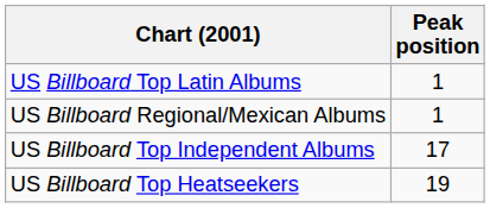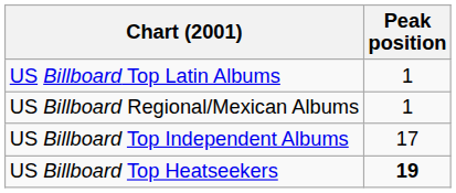 <table class="wikitable">
 <tr>
 <th align="left">Chart (2001)</th>
 <th align="left">Peak<br>position</th>
 </tr>
 <tr>
 <td align="left"><a href='#'>US</a> <a href='#'><em>Billboard</em> Top Latin Albums</a></td>
 <td align="center">1</td>
 </tr>
 <tr>
 <td align="left">US <em>Billboard</em> Regional/Mexican Albums</td>
 <td align="center">1</td>
 </tr>
 <tr>
 <td align="left">US <em>Billboard</em> <a href='#'>Top Independent Albums</a></td>
 <td align="center">17</td>
 </tr>
 <tr>
 <td align="left">US <em>Billboard</em> <a href='#'>Top Heatseekers</a></td>
-<td align="center">19</td>
+<td align="center"><strong>19</strong></td>
 </tr>
 </table>
